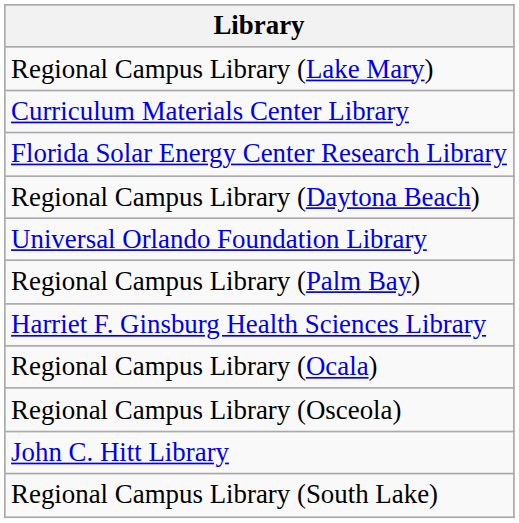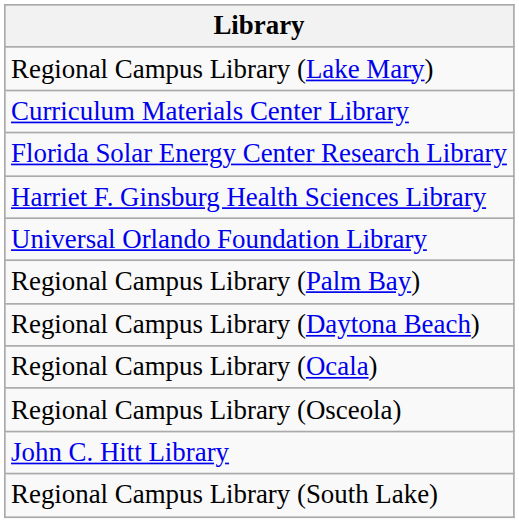 <table class="wikitable sortable">
 <tr>
 <th>Library</th>
 </tr>
 <tr valign="top">
 <td>Regional Campus Library (<a href='#'>Lake Mary</a>)</td>
 </tr>
 <tr valign="top">
 <td><a href='#'>Curriculum Materials Center Library</a></td>
 </tr>
 <tr valign="top">
 <td><a href='#'>Florida Solar Energy Center Research Library</a></td>
 </tr>
 <tr valign="top">
-<td>Regional Campus Library (<a href='#'>Daytona Beach</a>)</td>
+<td><a href='#'>Harriet F. Ginsburg Health Sciences Library</a></td>
 </tr>
 <tr valign="top">
 <td><a href='#'>Universal Orlando Foundation Library</a></td>
 </tr>
 <tr valign="top">
 <td>Regional Campus Library (<a href='#'>Palm Bay</a>)</td>
 </tr>
 <tr valign="top">
-<td><a href='#'>Harriet F. Ginsburg Health Sciences Library</a></td>
+<td>Regional Campus Library (<a href='#'>Daytona Beach</a>)</td>
 </tr>
 <tr valign="top">
 <td>Regional Campus Library (<a href='#'>Ocala</a>)</td>
 </tr>
 <tr valign="top">
 <td>Regional Campus Library (Osceola)</td>
 </tr>
 <tr valign="top">
 <td><a href='#'>John C. Hitt Library</a></td>
 </tr>
 <tr valign="top">
 <td>Regional Campus Library (South Lake)</td>
 </tr>
 </table>
